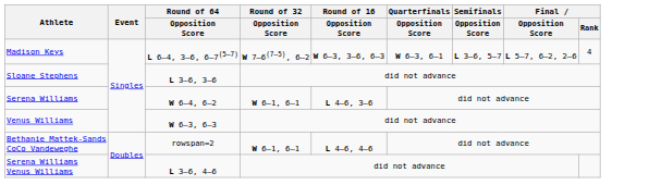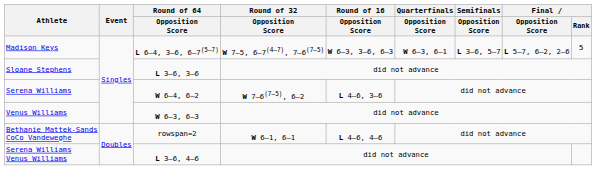 <table class=wikitable style=font-size:90%;text-align:center>
 <tr>
 <th rowspan=2>Athlete</th>
 <th rowspan=2>Event</th>
 <th>Round of 64</th>
 <th>Round of 32</th>
 <th>Round of 16</th>
 <th>Quarterfinals</th>
 <th>Semifinals</th>
 <th colspan=2>Final / </th>
 </tr>
 <tr style=font-size:95%>
 <th>Opposition<br>Score</th>
 <th>Opposition<br>Score</th>
 <th>Opposition<br>Score</th>
 <th>Opposition<br>Score</th>
 <th>Opposition<br>Score</th>
 <th>Opposition<br>Score</th>
 <th>Rank</th>
 </tr>
 <tr>
 <td align=left><a href='#'>Madison Keys</a></td>
 <td align=left rowspan=4><a href='#'>Singles</a></td>
 <td><br><strong>L</strong> 6–4, 3–6, 6–7<sup>(5–7)</sup></td>
-<td><br><strong>W</strong> 7–6<sup>(7–5)</sup>, 6–2</td>
+<td><br><strong>W</strong> 7–5, 6–7<sup>(4–7)</sup>, 7–6<sup>(7–5)</sup></td>
 <td><br><strong>W</strong> 6–3, 3–6, 6–3</td>
 <td><br><strong>W</strong> 6–3, 6–1</td>
 <td><br><strong>L</strong> 3–6, 5–7</td>
 <td><br><strong>L</strong> 5–7, 6–2, 2–6</td>
-<td>4</td>
+<td>5</td>
 </tr>
 <tr>
 <td align=left><a href='#'>Sloane Stephens</a></td>
 <td><br><strong>L</strong> 3–6, 3–6</td>
 <td colspan=6>did not advance</td>
 </tr>
 <tr>
 <td align=left><a href='#'>Serena Williams</a></td>
 <td><br><strong>W</strong> 6–4, 6–2</td>
-<td><br><strong>W</strong> 6–1, 6–1</td>
+<td><br><strong>W</strong> 7–6<sup>(7–5)</sup>, 6–2</td>
 <td><br><strong>L</strong> 4–6, 3–6</td>
 <td colspan=4>did not advance</td>
 </tr>
 <tr>
 <td align=left><a href='#'>Venus Williams</a></td>
 <td><br><strong>W</strong> 6–3, 6–3</td>
 <td colspan=6>did not advance</td>
 </tr>
 <tr>
 <td align=left><a href='#'>Bethanie Mattek-Sands</a><br><a href='#'>CoCo Vandeweghe</a></td>
 <td align=left rowspan=2><a href='#'>Doubles</a></td>
 <td>rowspan=2 </td>
 <td><br><strong>W</strong> 6–1, 6–1</td>
 <td><br><strong>L</strong> 4–6, 4–6</td>
 <td colspan=4>did not advance</td>
 </tr>
 <tr>
 <td align=left><a href='#'>Serena Williams</a><br><a href='#'>Venus Williams</a></td>
 <td><br><strong>L</strong> 3–6, 4–6</td>
 <td colspan=5>did not advance</td>
 </tr>
 </table>
